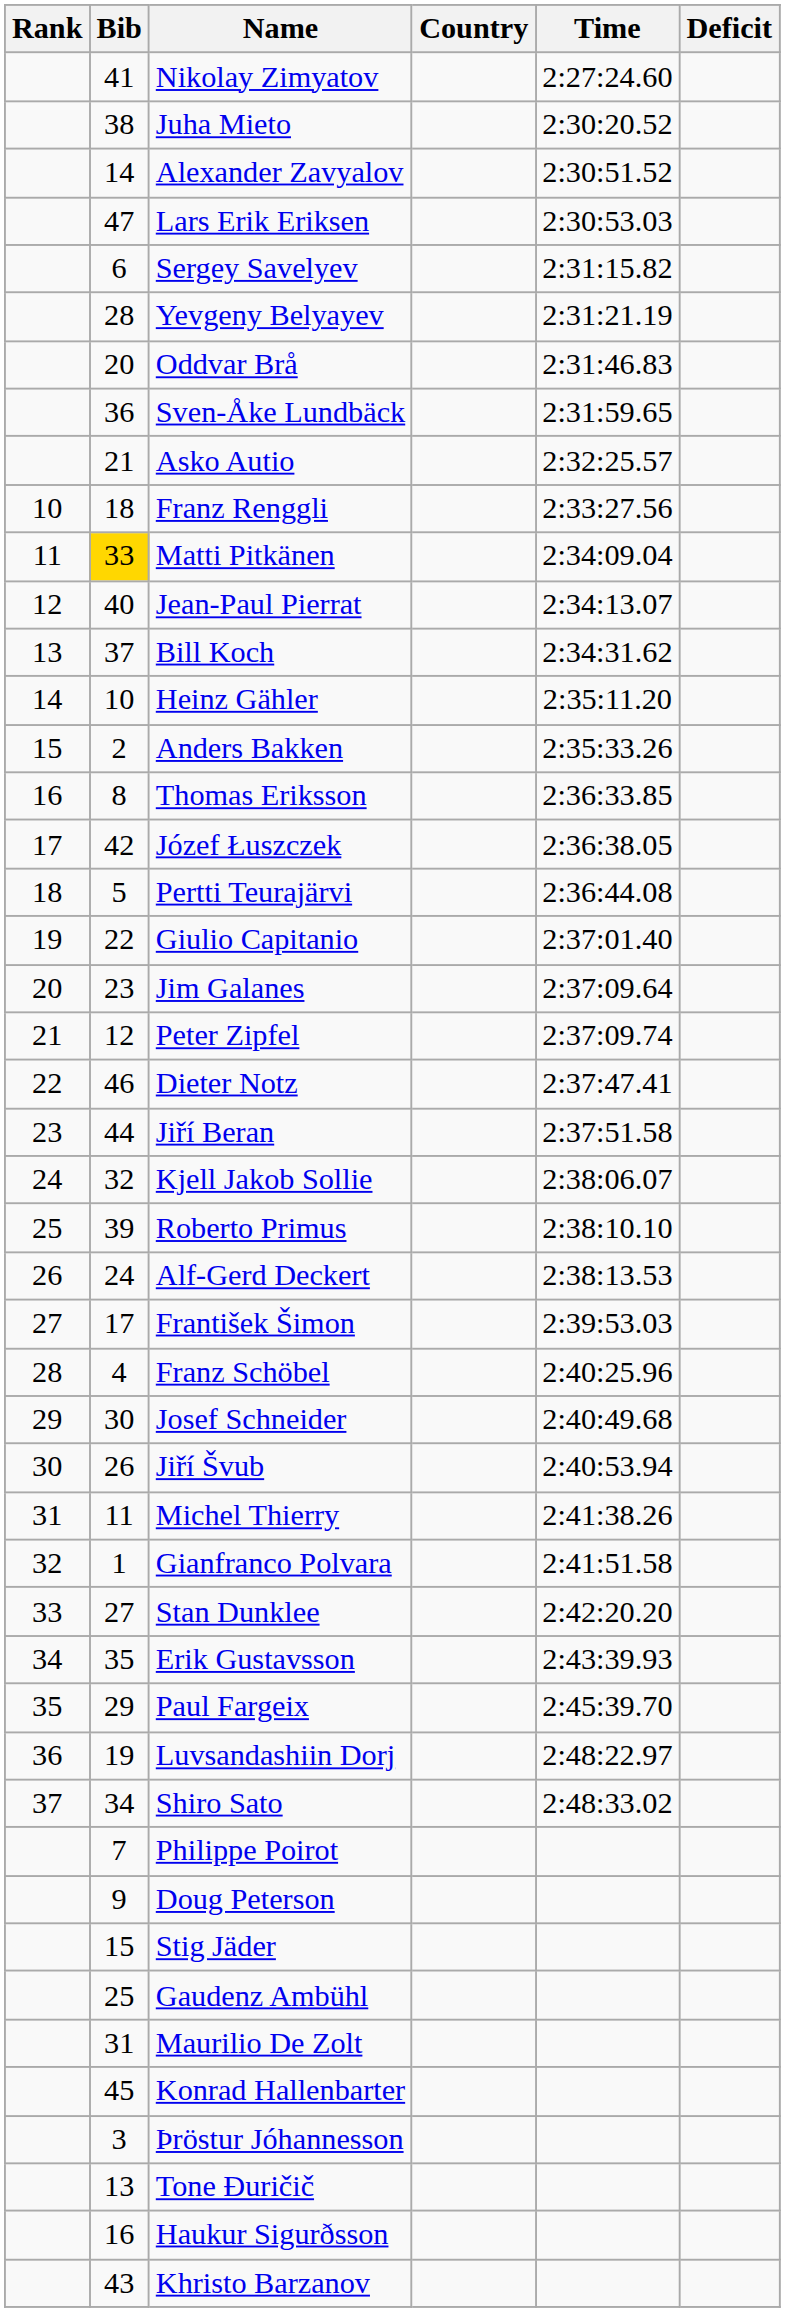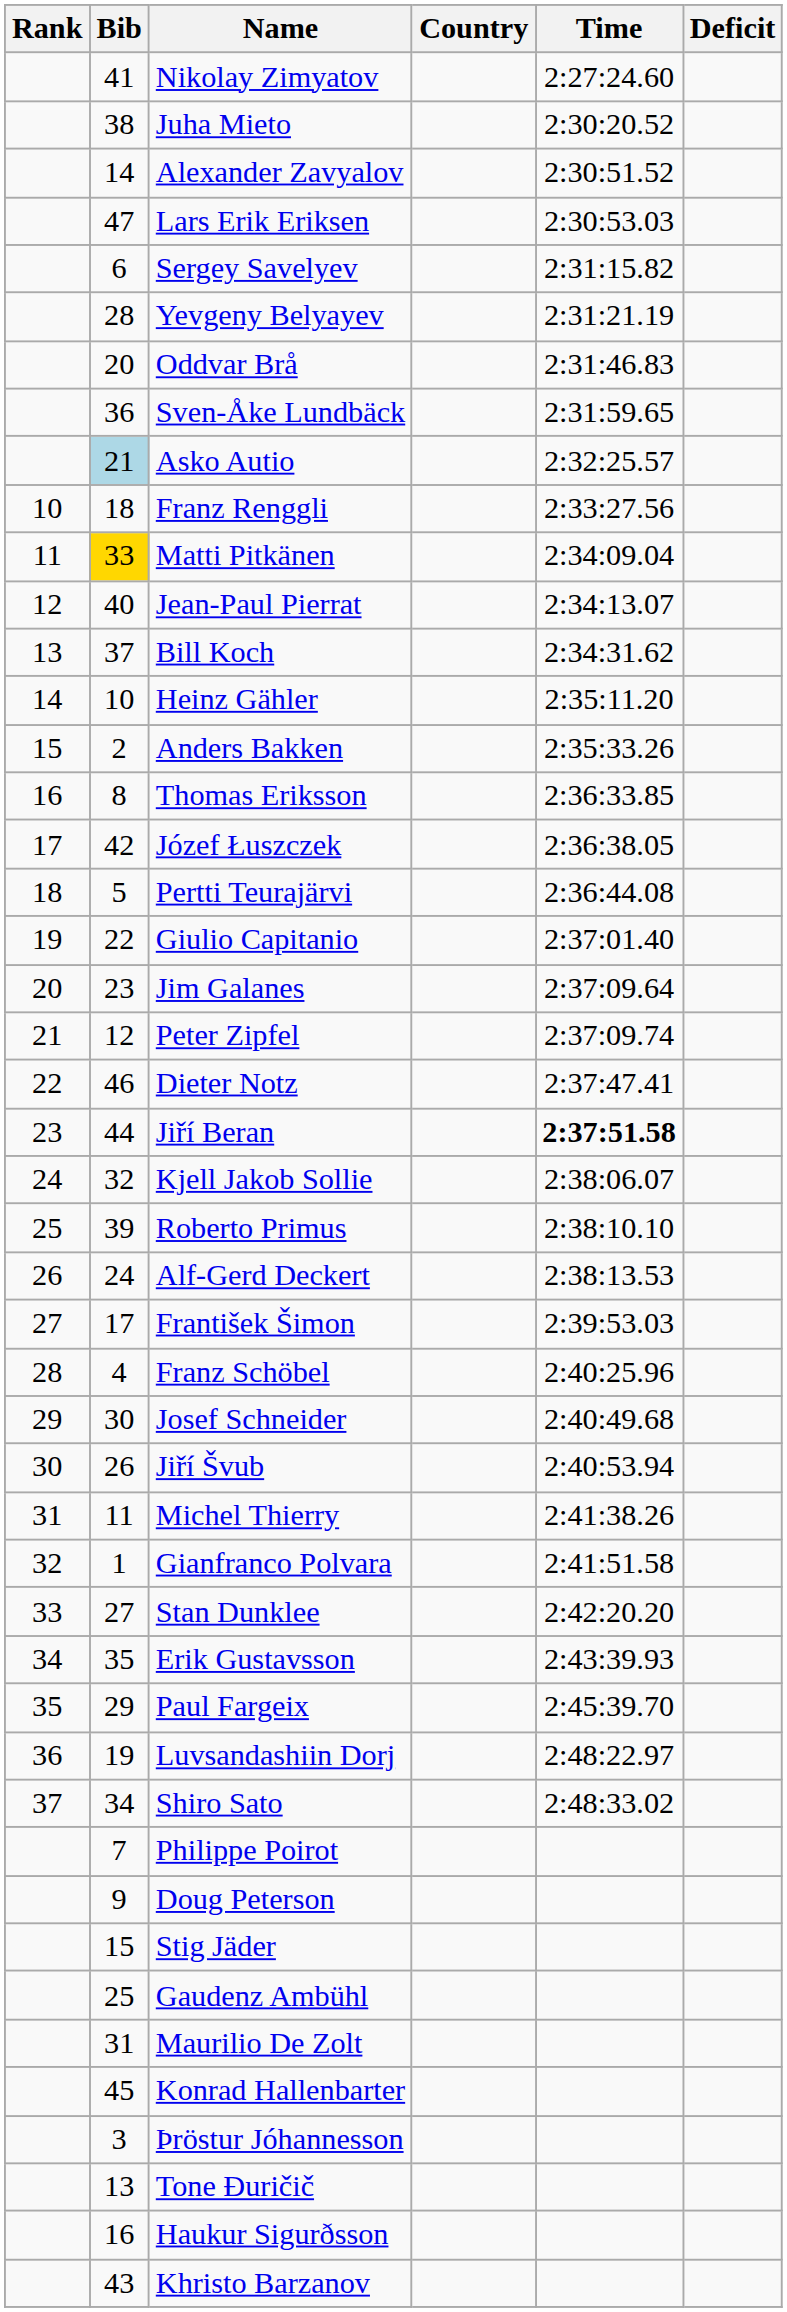 <table class="wikitable sortable" style="text-align:center">
 <tr>
 <th>Rank</th>
 <th>Bib</th>
 <th>Name</th>
 <th>Country</th>
 <th>Time</th>
 <th>Deficit</th>
 </tr>
 <tr>
 <td></td>
 <td>41</td>
 <td style="text-align:left;"><a href='#'>Nikolay Zimyatov</a></td>
 <td style="text-align:left;"></td>
 <td>2:27:24.60</td>
 <td></td>
 </tr>
 <tr>
 <td></td>
 <td>38</td>
 <td style="text-align:left;"><a href='#'>Juha Mieto</a></td>
 <td style="text-align:left;"></td>
 <td>2:30:20.52</td>
 <td align=right></td>
 </tr>
 <tr>
 <td></td>
 <td>14</td>
 <td style="text-align:left;"><a href='#'>Alexander Zavyalov</a></td>
 <td style="text-align:left;"></td>
 <td>2:30:51.52</td>
 <td align=right></td>
 </tr>
 <tr>
 <td></td>
 <td>47</td>
 <td style="text-align:left;"><a href='#'>Lars Erik Eriksen</a></td>
 <td style="text-align:left;"></td>
 <td>2:30:53.03</td>
 <td align=right></td>
 </tr>
 <tr>
 <td></td>
 <td>6</td>
 <td style="text-align:left;"><a href='#'>Sergey Savelyev</a></td>
 <td style="text-align:left;"></td>
 <td>2:31:15.82</td>
 <td align=right></td>
 </tr>
 <tr>
 <td></td>
 <td>28</td>
 <td style="text-align:left;"><a href='#'>Yevgeny Belyayev</a></td>
 <td style="text-align:left;"></td>
 <td>2:31:21.19</td>
 <td align=right></td>
 </tr>
 <tr>
 <td></td>
 <td>20</td>
 <td style="text-align:left;"><a href='#'>Oddvar Brå</a></td>
 <td style="text-align:left;"></td>
 <td>2:31:46.83</td>
 <td align=right></td>
 </tr>
 <tr>
 <td></td>
 <td>36</td>
 <td style="text-align:left;"><a href='#'>Sven-Åke Lundbäck</a></td>
 <td style="text-align:left;"></td>
 <td>2:31:59.65</td>
 <td align=right></td>
 </tr>
 <tr>
 <td></td>
-<td>21</td>
+<td style="background: lightblue;">21</td>
 <td style="text-align:left;"><a href='#'>Asko Autio</a></td>
 <td style="text-align:left;"></td>
 <td>2:32:25.57</td>
 <td align=right></td>
 </tr>
 <tr>
 <td>10</td>
 <td>18</td>
 <td style="text-align:left;"><a href='#'>Franz Renggli</a></td>
 <td style="text-align:left;"></td>
 <td>2:33:27.56</td>
 <td align=right></td>
 </tr>
 <tr>
 <td>11</td>
 <td style="background: gold;">33</td>
 <td style="text-align:left;"><a href='#'>Matti Pitkänen</a></td>
 <td style="text-align:left;"></td>
 <td>2:34:09.04</td>
 <td align=right></td>
 </tr>
 <tr>
 <td>12</td>
 <td>40</td>
 <td style="text-align:left;"><a href='#'>Jean-Paul Pierrat</a></td>
 <td style="text-align:left;"></td>
 <td>2:34:13.07</td>
 <td align=right></td>
 </tr>
 <tr>
 <td>13</td>
 <td>37</td>
 <td style="text-align:left;"><a href='#'>Bill Koch</a></td>
 <td style="text-align:left;"></td>
 <td>2:34:31.62</td>
 <td align=right></td>
 </tr>
 <tr>
 <td>14</td>
 <td>10</td>
 <td style="text-align:left;"><a href='#'>Heinz Gähler</a></td>
 <td style="text-align:left;"></td>
 <td>2:35:11.20</td>
 <td align=right></td>
 </tr>
 <tr>
 <td>15</td>
 <td>2</td>
 <td style="text-align:left;"><a href='#'>Anders Bakken</a></td>
 <td style="text-align:left;"></td>
 <td>2:35:33.26</td>
 <td align=right></td>
 </tr>
 <tr>
 <td>16</td>
 <td>8</td>
 <td style="text-align:left;"><a href='#'>Thomas Eriksson</a></td>
 <td style="text-align:left;"></td>
 <td>2:36:33.85</td>
 <td align=right></td>
 </tr>
 <tr>
 <td>17</td>
 <td>42</td>
 <td style="text-align:left;"><a href='#'>Józef Łuszczek</a></td>
 <td style="text-align:left;"></td>
 <td>2:36:38.05</td>
 <td align=right></td>
 </tr>
 <tr>
 <td>18</td>
 <td>5</td>
 <td style="text-align:left;"><a href='#'>Pertti Teurajärvi</a></td>
 <td style="text-align:left;"></td>
 <td>2:36:44.08</td>
 <td align=right></td>
 </tr>
 <tr>
 <td>19</td>
 <td>22</td>
 <td style="text-align:left;"><a href='#'>Giulio Capitanio</a></td>
 <td style="text-align:left;"></td>
 <td>2:37:01.40</td>
 <td align=right></td>
 </tr>
 <tr>
 <td>20</td>
 <td>23</td>
 <td style="text-align:left;"><a href='#'>Jim Galanes</a></td>
 <td style="text-align:left;"></td>
 <td>2:37:09.64</td>
 <td align=right></td>
 </tr>
 <tr>
 <td>21</td>
 <td>12</td>
 <td style="text-align:left;"><a href='#'>Peter Zipfel</a></td>
 <td style="text-align:left;"></td>
 <td>2:37:09.74</td>
 <td align=right></td>
 </tr>
 <tr>
 <td>22</td>
 <td>46</td>
 <td style="text-align:left;"><a href='#'>Dieter Notz</a></td>
 <td style="text-align:left;"></td>
 <td>2:37:47.41</td>
 <td align=right></td>
 </tr>
 <tr>
 <td>23</td>
 <td>44</td>
 <td style="text-align:left;"><a href='#'>Jiří Beran</a></td>
 <td style="text-align:left;"></td>
-<td>2:37:51.58</td>
+<td><strong>2:37:51.58</strong></td>
 <td align=right></td>
 </tr>
 <tr>
 <td>24</td>
 <td>32</td>
 <td style="text-align:left;"><a href='#'>Kjell Jakob Sollie</a></td>
 <td style="text-align:left;"></td>
 <td>2:38:06.07</td>
 <td align=right></td>
 </tr>
 <tr>
 <td>25</td>
 <td>39</td>
 <td style="text-align:left;"><a href='#'>Roberto Primus</a></td>
 <td style="text-align:left;"></td>
 <td>2:38:10.10</td>
 <td align=right></td>
 </tr>
 <tr>
 <td>26</td>
 <td>24</td>
 <td style="text-align:left;"><a href='#'>Alf-Gerd Deckert</a></td>
 <td style="text-align:left;"></td>
 <td>2:38:13.53</td>
 <td align=right></td>
 </tr>
 <tr>
 <td>27</td>
 <td>17</td>
 <td style="text-align:left;"><a href='#'>František Šimon</a></td>
 <td style="text-align:left;"></td>
 <td>2:39:53.03</td>
 <td align=right></td>
 </tr>
 <tr>
 <td>28</td>
 <td>4</td>
 <td style="text-align:left;"><a href='#'>Franz Schöbel</a></td>
 <td style="text-align:left;"></td>
 <td>2:40:25.96</td>
 <td align=right></td>
 </tr>
 <tr>
 <td>29</td>
 <td>30</td>
 <td style="text-align:left;"><a href='#'>Josef Schneider</a></td>
 <td style="text-align:left;"></td>
 <td>2:40:49.68</td>
 <td align=right></td>
 </tr>
 <tr>
 <td>30</td>
 <td>26</td>
 <td style="text-align:left;"><a href='#'>Jiří Švub</a></td>
 <td style="text-align:left;"></td>
 <td>2:40:53.94</td>
 <td align=right></td>
 </tr>
 <tr>
 <td>31</td>
 <td>11</td>
 <td style="text-align:left;"><a href='#'>Michel Thierry</a></td>
 <td style="text-align:left;"></td>
 <td>2:41:38.26</td>
 <td align=right></td>
 </tr>
 <tr>
 <td>32</td>
 <td>1</td>
 <td style="text-align:left;"><a href='#'>Gianfranco Polvara</a></td>
 <td style="text-align:left;"></td>
 <td>2:41:51.58</td>
 <td align=right></td>
 </tr>
 <tr>
 <td>33</td>
 <td>27</td>
 <td style="text-align:left;"><a href='#'>Stan Dunklee</a></td>
 <td style="text-align:left;"></td>
 <td>2:42:20.20</td>
 <td align=right></td>
 </tr>
 <tr>
 <td>34</td>
 <td>35</td>
 <td style="text-align:left;"><a href='#'>Erik Gustavsson</a></td>
 <td style="text-align:left;"></td>
 <td>2:43:39.93</td>
 <td align=right></td>
 </tr>
 <tr>
 <td>35</td>
 <td>29</td>
 <td style="text-align:left;"><a href='#'>Paul Fargeix</a></td>
 <td style="text-align:left;"></td>
 <td>2:45:39.70</td>
 <td align=right></td>
 </tr>
 <tr>
 <td>36</td>
 <td>19</td>
 <td style="text-align:left;"><a href='#'>Luvsandashiin Dorj</a></td>
 <td style="text-align:left;"></td>
 <td>2:48:22.97</td>
 <td align=right></td>
 </tr>
 <tr>
 <td>37</td>
 <td>34</td>
 <td style="text-align:left;"><a href='#'>Shiro Sato</a></td>
 <td style="text-align:left;"></td>
 <td>2:48:33.02</td>
 <td align=right></td>
 </tr>
 <tr>
 <td></td>
 <td>7</td>
 <td style="text-align:left;"><a href='#'>Philippe Poirot</a></td>
 <td style="text-align:left;"></td>
 <td></td>
 <td></td>
 </tr>
 <tr>
 <td></td>
 <td>9</td>
 <td style="text-align:left;"><a href='#'>Doug Peterson</a></td>
 <td style="text-align:left;"></td>
 <td></td>
 <td></td>
 </tr>
 <tr>
 <td></td>
 <td>15</td>
 <td style="text-align:left;"><a href='#'>Stig Jäder</a></td>
 <td style="text-align:left;"></td>
 <td></td>
 <td></td>
 </tr>
 <tr>
 <td></td>
 <td>25</td>
 <td style="text-align:left;"><a href='#'>Gaudenz Ambühl</a></td>
 <td style="text-align:left;"></td>
 <td></td>
 <td></td>
 </tr>
 <tr>
 <td></td>
 <td>31</td>
 <td style="text-align:left;"><a href='#'>Maurilio De Zolt</a></td>
 <td style="text-align:left;"></td>
 <td></td>
 <td></td>
 </tr>
 <tr>
 <td></td>
 <td>45</td>
 <td style="text-align:left;"><a href='#'>Konrad Hallenbarter</a></td>
 <td style="text-align:left;"></td>
 <td></td>
 <td></td>
 </tr>
 <tr>
 <td></td>
 <td>3</td>
 <td style="text-align:left;"><a href='#'>Þröstur Jóhannesson</a></td>
 <td style="text-align:left;"></td>
 <td></td>
 <td></td>
 </tr>
 <tr>
 <td></td>
 <td>13</td>
 <td style="text-align:left;"><a href='#'>Tone Ðuričič</a></td>
 <td style="text-align:left;"></td>
 <td></td>
 <td></td>
 </tr>
 <tr>
 <td></td>
 <td>16</td>
 <td style="text-align:left;"><a href='#'>Haukur Sigurðsson</a></td>
 <td style="text-align:left;"></td>
 <td></td>
 <td></td>
 </tr>
 <tr>
 <td></td>
 <td>43</td>
 <td style="text-align:left;"><a href='#'>Khristo Barzanov</a></td>
 <td style="text-align:left;"></td>
 <td></td>
 <td></td>
 </tr>
 </table>
